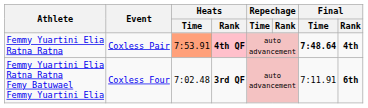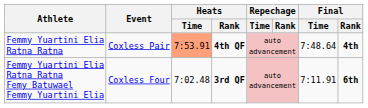 <table class=wikitable style="font-size:90%">
 <tr>
 <th rowspan=2>Athlete</th>
 <th rowspan=2>Event</th>
 <th colspan=2>Heats</th>
 <th colspan=2>Repechage</th>
 <th colspan=2>Final</th>
 </tr>
 <tr>
 <th>Time</th>
 <th>Rank</th>
 <th>Time</th>
 <th>Rank</th>
 <th>Time</th>
 <th>Rank</th>
 </tr>
 <tr>
 <td><a href='#'>Femmy Yuartini Elia</a><br><a href='#'>Ratna Ratna</a></td>
 <td><a href='#'>Coxless Pair</a></td>
 <td align=center style="background: lightsalmon;">7:53.91</td>
-<td align=center style="background: pink;"><strong>4th QF</strong></td>
+<td align=center><strong>4th QF</strong></td>
 <td colspan="2" style="text-align:center; background:#f4c2c2;"><small>auto<br>advancement</small></td>
-<td align=center><strong>7:48.64</strong></td>
+<td align=center>7:48.64</td>
 <td align=center><strong>4th</strong></td>
 </tr>
 <tr>
 <td><a href='#'>Femmy Yuartini Elia</a><br><a href='#'>Ratna Ratna</a><br><a href='#'>Femy Batuwael</a><br><a href='#'>Femmy Yuartini Elia</a></td>
 <td><a href='#'>Coxless Four</a></td>
 <td align=center>7:02.48</td>
 <td align=center><strong>3rd QF</strong></td>
 <td colspan="2" style="text-align:center; background:#f4c2c2;"><small>auto<br>advancement</small></td>
 <td align=center>7:11.91</td>
 <td align=center><strong>6th</strong></td>
 </tr>
 </table>
